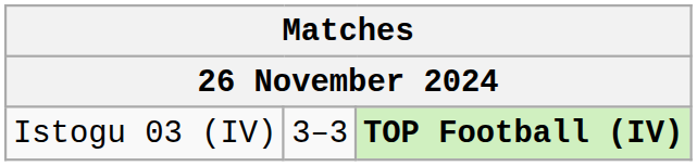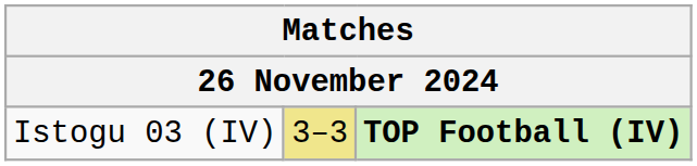 <table class="wikitable">
 <tr>
 <th colspan="3">Matches</th>
 </tr>
 <tr>
 <th colspan="3">26 November 2024</th>
 </tr>
 <tr>
 <td>Istogu 03 (IV)</td>
-<td align="center">3–3 </td>
+<td align="center" style="background: khaki;">3–3 </td>
 <td style="background:#d0f0c0;"><strong>TOP Football (IV)</strong></td>
 </tr>
 </table>
